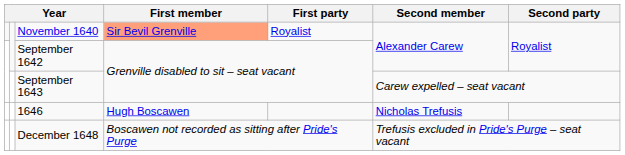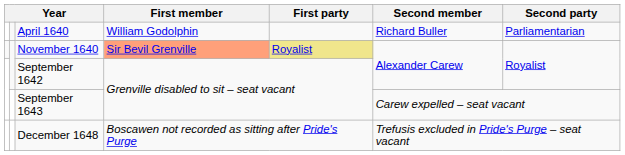 <table class="wikitable">
 <tr>
 <th colspan="3">Year</th>
 <th>First member</th>
 <th>First party</th>
 <th>Second member</th>
 <th>Second party</th>
 </tr>
 <tr>
+<td style="color:inherit;background-color: white"></td>
+<td style="color:inherit;background-color: "></td>
+<td><a href='#'>April 1640</a></td>
+<td><a href='#'>William Godolphin</a></td>
+<td></td>
+<td><a href='#'>Richard Buller</a></td>
+<td><a href='#'>Parliamentarian</a></td>
+</tr>
+<tr>
 <td style="color:inherit;background-color: "></td>
 <td rowspan="2" style="color:inherit;background-color: "></td>
 <td><a href='#'>November 1640</a></td>
 <td style="background: lightsalmon;"><a href='#'>Sir Bevil Grenville</a></td>
-<td><a href='#'>Royalist</a></td>
+<td style="background: khaki;"><a href='#'>Royalist</a></td>
 <td rowspan="2"><a href='#'>Alexander Carew</a></td>
 <td rowspan="2"><a href='#'>Royalist</a></td>
 </tr>
 <tr>
 <td rowspan="2" style="color:inherit;background-color: white"></td>
 <td>September 1642</td>
 <td rowspan="2" colspan="2"><em>Grenville disabled to sit – seat vacant</em></td>
 </tr>
 <tr>
 <td style="color:inherit;background-color: white"></td>
 <td>September 1643</td>
 <td colspan="2"><em>Carew expelled – seat vacant</em></td>
 </tr>
 <tr>
 <td style="color:inherit;background-color: white"></td>
 <td style="color:inherit;background-color: white"></td>
-<td>1646</td>
-<td><a href='#'>Hugh Boscawen</a></td>
-<td></td>
-<td><a href='#'>Nicholas Trefusis</a></td>
-<td></td>
-</tr>
-<tr>
-<td style="color:inherit;background-color: white"></td>
-<td style="color:inherit;background-color: white"></td>
 <td>December 1648</td>
 <td colspan="2"><em>Boscawen not recorded as sitting after <a href='#'>Pride's Purge</a></em></td>
 <td colspan="2"><em>Trefusis excluded in <a href='#'>Pride's Purge</a> – seat vacant</em></td>
 </tr>
 </table>
